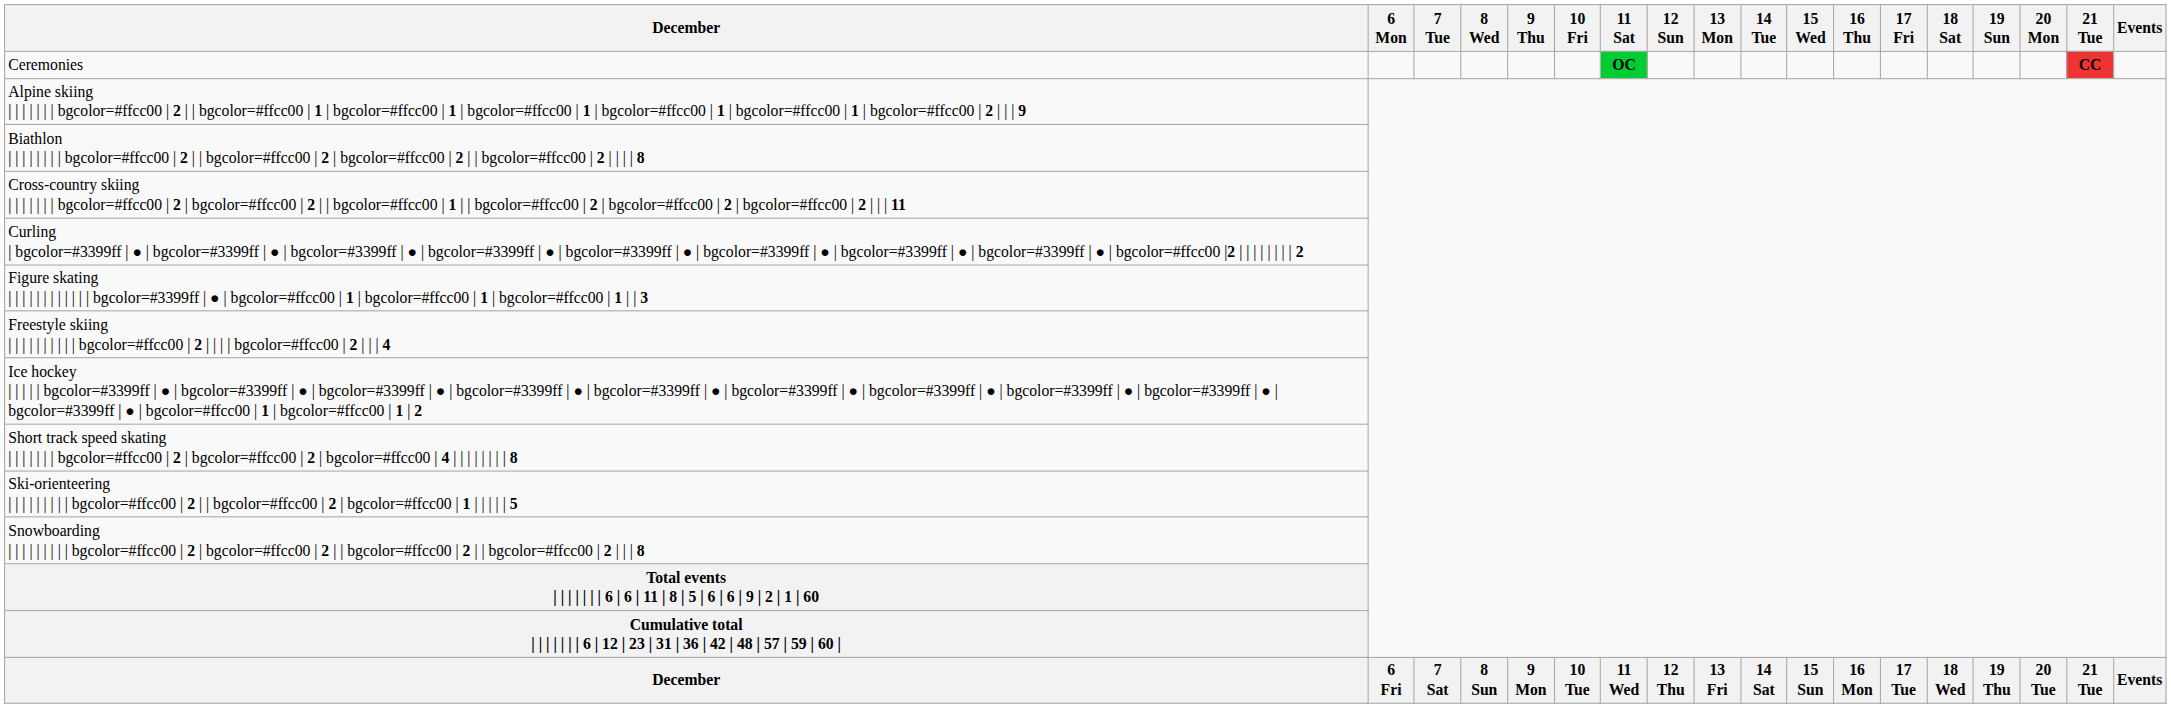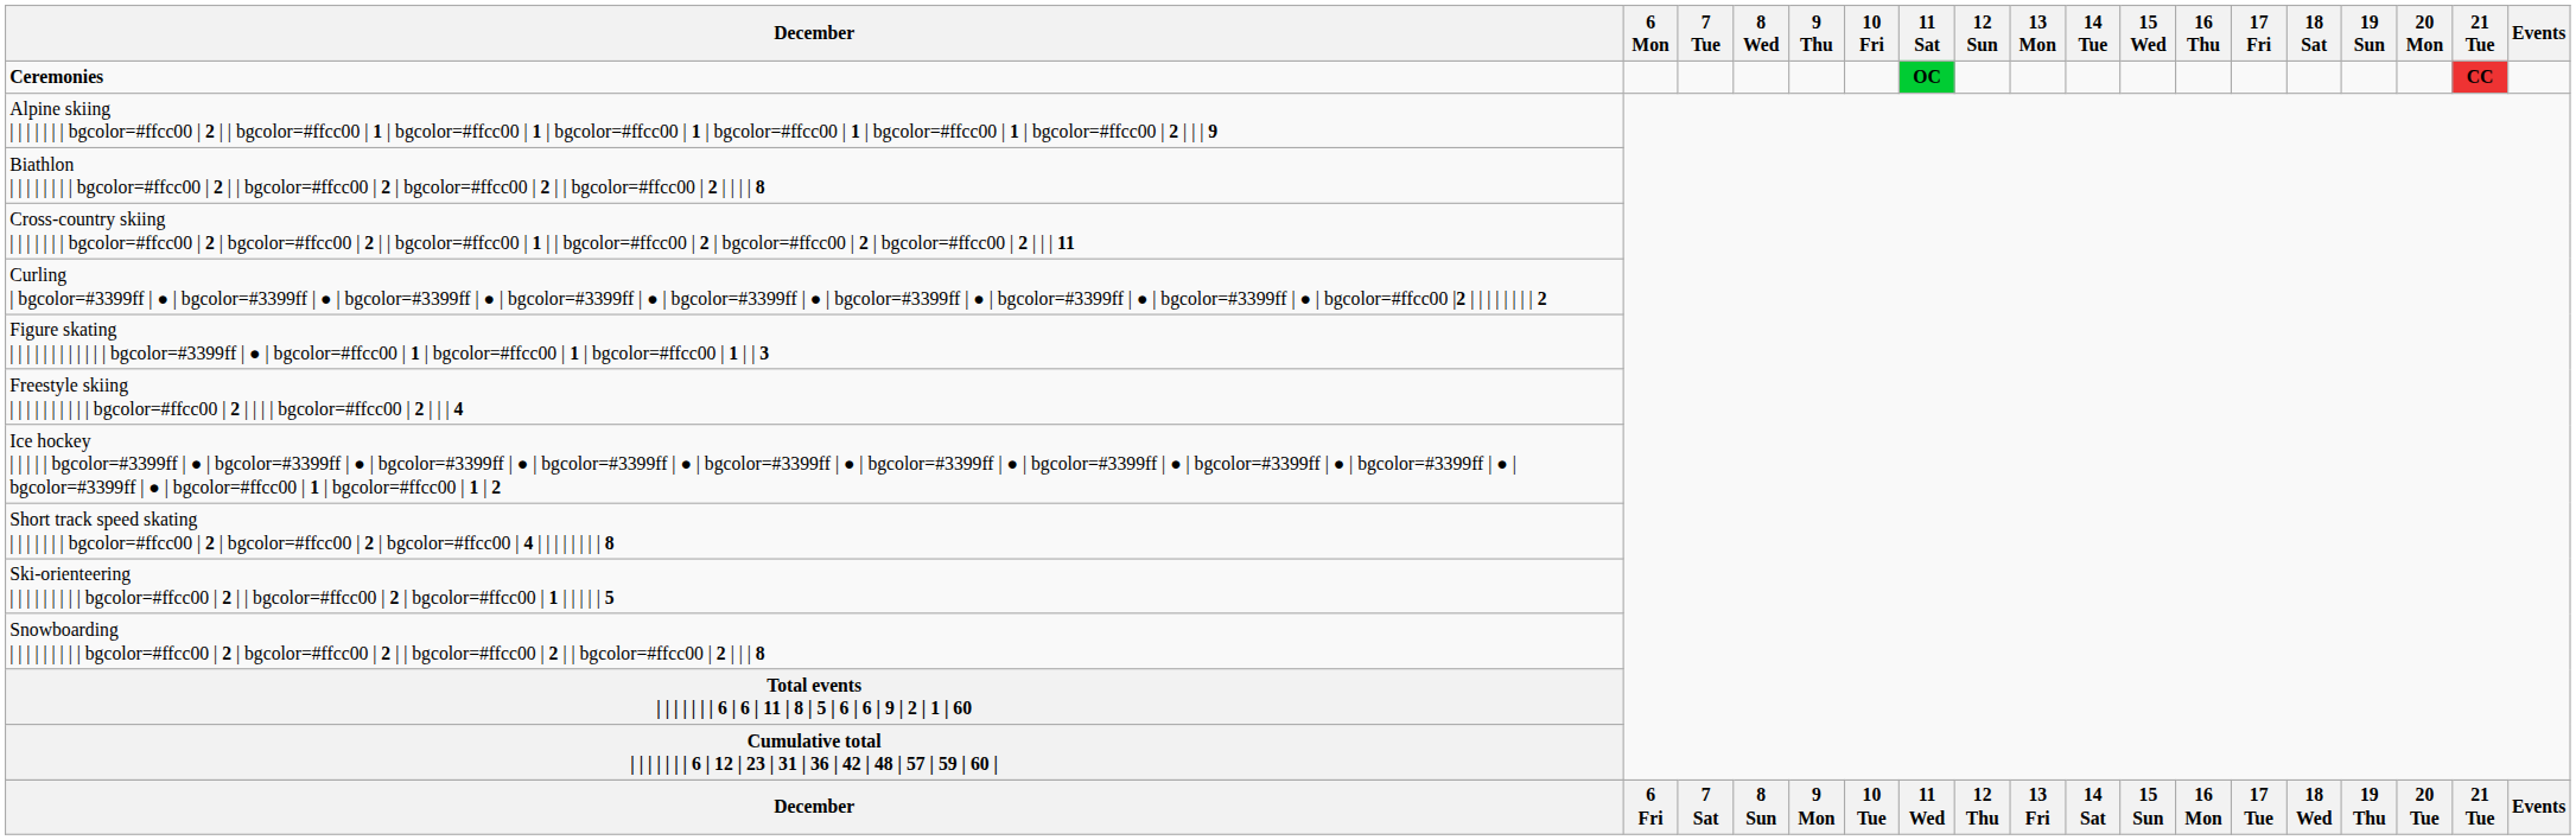 <table class="wikitable" style="margin:0.5em auto; font-size:90%; line-height:1.25em">
 <tr>
 <th>December</th>
 <th style="width:2.5em">6<br>Mon</th>
 <th style="width:2.5em">7<br>Tue</th>
 <th style="width:2.5em">8<br>Wed</th>
 <th style="width:2.5em">9<br>Thu</th>
 <th style="width:2.5em">10<br>Fri</th>
 <th style="width:2.5em">11<br>Sat</th>
 <th style="width:2.5em">12<br>Sun</th>
 <th style="width:2.5em">13<br>Mon</th>
 <th style="width:2.5em">14<br>Tue</th>
 <th style="width:2.5em">15<br>Wed</th>
 <th style="width:2.5em">16<br>Thu</th>
 <th style="width:2.5em">17<br>Fri</th>
 <th style="width:2.5em">18<br>Sat</th>
 <th style="width:2.5em">19<br>Sun</th>
 <th style="width:2.5em">20<br>Mon</th>
 <th style="width:2.5em">21<br>Tue</th>
 <th>Events</th>
 </tr>
 <tr>
-<td>Ceremonies</td>
+<td><strong>Ceremonies</strong></td>
 <td></td>
 <td></td>
 <td></td>
 <td></td>
 <td></td>
 <td style="background:#00cc33; text-align:center"><strong>OC</strong></td>
 <td></td>
 <td></td>
 <td></td>
 <td></td>
 <td></td>
 <td></td>
 <td></td>
 <td></td>
 <td></td>
 <td style="background:#ee3333; text-align:center"><strong>CC</strong></td>
 <td></td>
 </tr>
 <tr style="text-align:center">
 <td style="text-align:left"> Alpine skiing<br>| | | |  | | | bgcolor=#ffcc00 | <strong>2</strong> |  | bgcolor=#ffcc00 | <strong>1</strong> | bgcolor=#ffcc00 | <strong>1</strong> | bgcolor=#ffcc00 | <strong>1</strong> | bgcolor=#ffcc00 | <strong>1</strong> | bgcolor=#ffcc00 | <strong>1</strong> | bgcolor=#ffcc00 | <strong>2</strong> |  |  | <strong>9</strong></td>
 </tr>
 <tr style="text-align:center">
 <td style="text-align:left"> Biathlon<br>| | | |  | | | | bgcolor=#ffcc00 | <strong>2</strong> | | bgcolor=#ffcc00 | <strong>2</strong> | bgcolor=#ffcc00 | <strong>2</strong> |  | bgcolor=#ffcc00 | <strong>2</strong> |  |  |   | <strong>8</strong></td>
 </tr>
 <tr style="text-align:center">
 <td style="text-align:left"> Cross-country skiing<br>| | | |  | | | bgcolor=#ffcc00 | <strong>2</strong> | bgcolor=#ffcc00 | <strong>2</strong> | | bgcolor=#ffcc00 | <strong>1</strong> | | bgcolor=#ffcc00 | <strong>2</strong> | bgcolor=#ffcc00 | <strong>2</strong> | bgcolor=#ffcc00 | <strong>2</strong> |   |    | <strong>11</strong></td>
 </tr>
 <tr style="text-align:center">
 <td style="text-align:left"> Curling<br>| bgcolor=#3399ff | ● | bgcolor=#3399ff | ● | bgcolor=#3399ff | ● | bgcolor=#3399ff | ●  | bgcolor=#3399ff | ● | bgcolor=#3399ff | ● | bgcolor=#3399ff | ● | bgcolor=#3399ff | ● | bgcolor=#ffcc00 |<strong>2</strong> |  | | |  |  |  |  | <strong>2</strong></td>
 </tr>
 <tr style="text-align:center">
 <td style="text-align:left"> Figure skating<br>| | | |  | | | |  | |  | | bgcolor=#3399ff | ● | bgcolor=#ffcc00 | <strong>1</strong> | bgcolor=#ffcc00 | <strong>1</strong> | bgcolor=#ffcc00 | <strong>1</strong> |   | <strong>3</strong></td>
 </tr>
 <tr style="text-align:center">
 <td style="text-align:left"> Freestyle skiing<br>| | | |  | | | |  | | bgcolor=#ffcc00 | <strong>2</strong> | |  |  | bgcolor=#ffcc00 | <strong>2</strong> | |  | <strong>4</strong></td>
 </tr>
 <tr style="text-align:center">
 <td style="text-align:left"> Ice hockey<br>| | | |  | bgcolor=#3399ff | ● | bgcolor=#3399ff | ● | bgcolor=#3399ff | ● | bgcolor=#3399ff | ● | bgcolor=#3399ff | ● | bgcolor=#3399ff | ● | bgcolor=#3399ff | ● | bgcolor=#3399ff | ● | bgcolor=#3399ff | ● | bgcolor=#3399ff | ● | bgcolor=#ffcc00 | <strong>1</strong> | bgcolor=#ffcc00 | <strong>1</strong>  | <strong>2</strong></td>
 </tr>
 <tr style="text-align:center">
 <td style="text-align:left"> Short track speed skating<br>| | | |  | | | bgcolor=#ffcc00 | <strong>2</strong> | bgcolor=#ffcc00 | <strong>2</strong> | bgcolor=#ffcc00 | <strong>4</strong> |  |  |  |  |  |   |    | <strong>8</strong></td>
 </tr>
 <tr style="text-align:center">
 <td style="text-align:left"> Ski-orienteering<br>| | | |  | | | |  | bgcolor=#ffcc00 | <strong>2</strong> |  | bgcolor=#ffcc00 | <strong>2</strong> | bgcolor=#ffcc00 | <strong>1</strong> |   |  |   |   | <strong>5</strong></td>
 </tr>
 <tr style="text-align:center">
 <td style="text-align:left"> Snowboarding<br>| | | |  | | | |  | bgcolor=#ffcc00 | <strong>2</strong> | bgcolor=#ffcc00 | <strong>2</strong> | | bgcolor=#ffcc00 | <strong>2</strong> |  | bgcolor=#ffcc00 | <strong>2</strong> |  |  | <strong>8</strong></td>
 </tr>
 <tr align=center>
 <th>Total events<br>| | | |  |  |   | 6 | 6 | 11 | 8 | 5 | 6 | 6 | 9 | 2 | 1  | <strong>60</strong></th>
 </tr>
 <tr align=center>
 <th>Cumulative total<br>| | | |  |  |   | 6 | 12 | 23 | 31 | 36 | 42 | 48 | 57 | 59 | 60  |</th>
 </tr>
 <tr>
 </tr>
 <tr>
 <th>December</th>
 <th style="width:2.5em">6<br>Fri</th>
 <th style="width:2.5em">7<br>Sat</th>
 <th style="width:2.5em">8<br>Sun</th>
 <th style="width:2.5em">9<br>Mon</th>
 <th style="width:2.5em">10<br>Tue</th>
 <th style="width:2.5em">11<br>Wed</th>
 <th style="width:2.5em">12<br>Thu</th>
 <th style="width:2.5em">13<br>Fri</th>
 <th style="width:2.5em">14<br>Sat</th>
 <th style="width:2.5em">15<br>Sun</th>
 <th style="width:2.5em">16<br>Mon</th>
 <th style="width:2.5em">17<br>Tue</th>
 <th style="width:2.5em">18<br>Wed</th>
 <th style="width:2.5em">19<br>Thu</th>
 <th style="width:2.5em">20<br>Tue</th>
 <th style="width:2.5em">21<br>Tue</th>
 <th>Events</th>
 </tr>
 </table>
